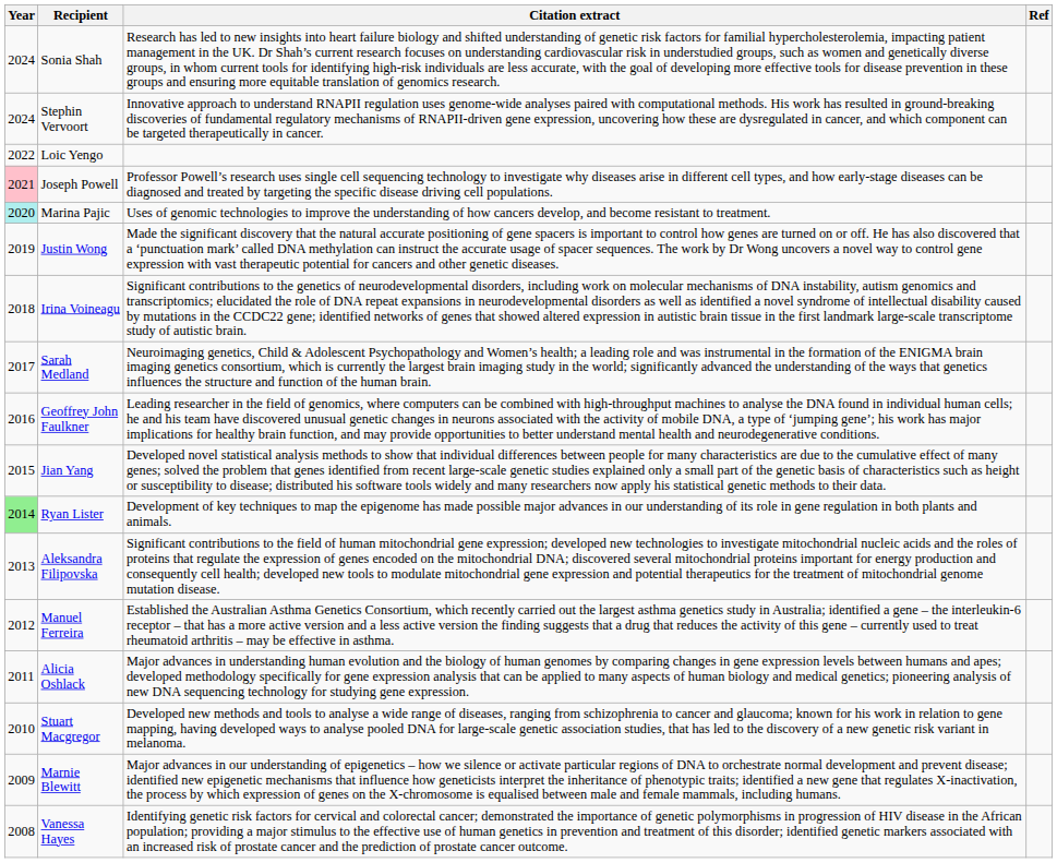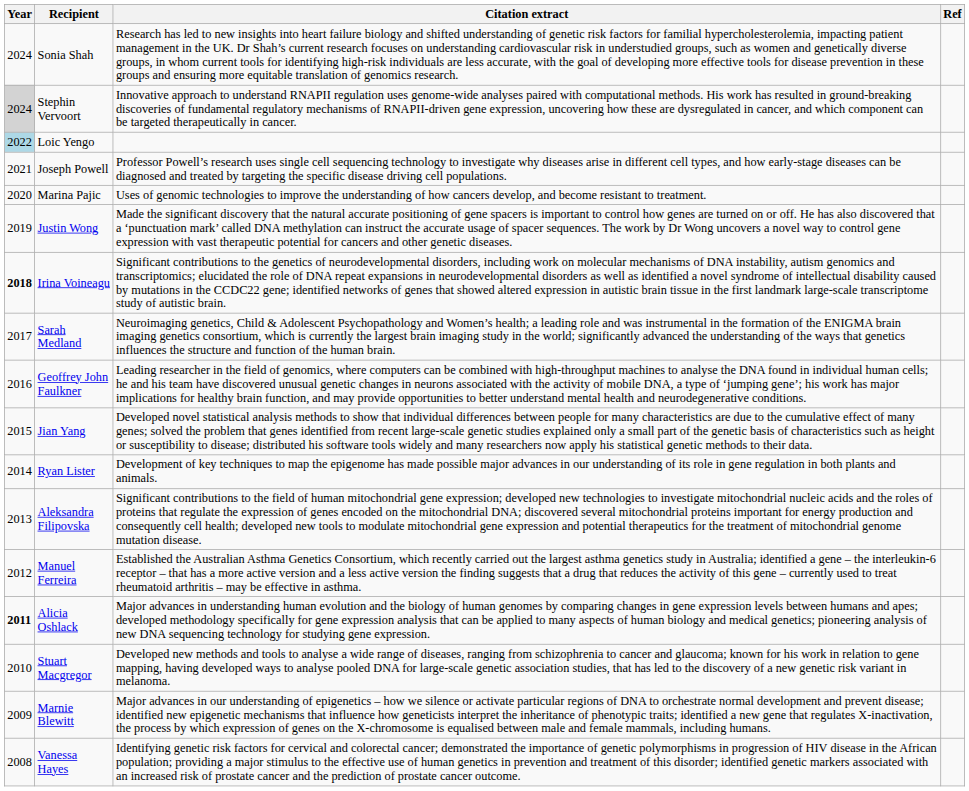 <table class="wikitable">
 <tr>
 <th>Year</th>
 <th>Recipient</th>
 <th>Citation extract</th>
 <th>Ref</th>
 </tr>
 <tr>
 <td>2024</td>
 <td>Sonia Shah</td>
 <td>Research has led to new insights into heart failure biology and shifted understanding of  genetic risk factors for familial hypercholesterolemia, impacting patient management in the UK. Dr Shah’s current research focuses on understanding cardiovascular risk in understudied groups, such as women and genetically diverse groups, in whom current tools for identifying high-risk individuals are less accurate, with the goal of developing more effective tools for disease prevention in these groups and ensuring more equitable translation of genomics research.</td>
 <td></td>
 </tr>
 <tr>
-<td>2024</td>
+<td style="background: lightgrey;">2024</td>
 <td>Stephin Vervoort</td>
 <td>Innovative approach to understand RNAPII regulation uses genome-wide analyses paired with computational methods. His work has resulted in ground-breaking discoveries of fundamental regulatory mechanisms of RNAPII-driven gene expression, uncovering how these are dysregulated in cancer, and which component can be targeted therapeutically in cancer.</td>
 <td></td>
 </tr>
 <tr>
-<td>2022</td>
+<td style="background: lightblue;">2022</td>
 <td>Loic Yengo</td>
 <td></td>
 <td></td>
 </tr>
 <tr>
-<td style="background: pink;">2021</td>
+<td>2021</td>
 <td>Joseph Powell</td>
 <td>Professor Powell’s research uses single cell sequencing technology to investigate why diseases arise in different cell types, and how early-stage diseases can be diagnosed and treated by targeting the specific disease driving cell populations.</td>
 <td></td>
 </tr>
 <tr>
-<td style="background: paleturquoise;">2020</td>
+<td>2020</td>
 <td>Marina Pajic</td>
 <td>Uses of genomic technologies to improve the understanding of how cancers develop, and become resistant to treatment.</td>
 <td></td>
 </tr>
 <tr>
 <td>2019</td>
 <td><a href='#'>Justin Wong</a></td>
 <td>Made the significant discovery that the natural accurate positioning of gene spacers is important to control how genes are turned on or off. He has also discovered that a ‘punctuation mark’ called DNA methylation can instruct the accurate usage of spacer sequences. The work by Dr Wong uncovers a novel way to control gene expression with vast therapeutic potential for cancers and other genetic diseases.</td>
 </tr>
 <tr>
-<td>2018</td>
+<td><strong>2018</strong></td>
 <td><a href='#'>Irina Voineagu</a></td>
 <td>Significant contributions to the genetics of neurodevelopmental disorders, including work on molecular mechanisms of DNA instability, autism genomics and transcriptomics; elucidated the role of DNA repeat expansions in neurodevelopmental disorders as well as identified a novel syndrome of intellectual disability caused by mutations in the CCDC22 gene; identified networks of genes that showed altered expression in autistic brain tissue in the first landmark large-scale transcriptome study of autistic brain.</td>
 <td></td>
 </tr>
 <tr>
 <td>2017</td>
 <td><a href='#'>Sarah Medland</a></td>
 <td>Neuroimaging genetics, Child & Adolescent Psychopathology and Women’s health; a leading role and was instrumental in the formation of the ENIGMA brain imaging genetics consortium, which is currently the largest brain imaging study in the world; significantly advanced the understanding of the ways that genetics influences the structure and function of the human brain.</td>
 <td></td>
 </tr>
 <tr>
 <td>2016</td>
 <td><a href='#'>Geoffrey John Faulkner</a></td>
 <td>Leading researcher in the field of genomics, where computers can be combined with high-throughput machines to analyse the DNA found in individual human cells; he and his team have discovered unusual genetic changes in neurons associated with the activity of mobile DNA, a type of ‘jumping gene’; his work has major implications for healthy brain function, and may provide opportunities to better understand mental health and neurodegenerative conditions.</td>
 <td></td>
 </tr>
 <tr>
 <td>2015</td>
 <td><a href='#'>Jian Yang</a></td>
 <td>Developed novel statistical analysis methods to show that individual differences between people for many characteristics are due to the cumulative effect of many genes; solved the problem that genes identified from recent large-scale genetic studies explained only a small part of the genetic basis of characteristics such as height or susceptibility to disease; distributed his software tools widely and many researchers now apply his statistical genetic methods to their data.</td>
 <td></td>
 </tr>
 <tr>
-<td style="background: lightgreen;">2014</td>
+<td>2014</td>
 <td><a href='#'>Ryan Lister</a></td>
 <td>Development of key techniques to map the epigenome has made possible major advances in our understanding of its role in gene regulation in both plants and animals.</td>
 <td></td>
 </tr>
 <tr>
 <td>2013</td>
 <td><a href='#'>Aleksandra Filipovska</a></td>
 <td>Significant contributions to the field of human mitochondrial gene expression; developed new technologies to investigate mitochondrial nucleic acids and the roles of proteins that regulate the expression of genes encoded on the mitochondrial DNA; discovered several mitochondrial proteins important for energy production and consequently cell health; developed new tools to modulate mitochondrial gene expression and potential therapeutics for the treatment of mitochondrial genome mutation disease.</td>
 <td></td>
 </tr>
 <tr>
 <td>2012</td>
 <td><a href='#'>Manuel Ferreira</a></td>
 <td>Established the Australian Asthma Genetics Consortium, which recently carried out the largest asthma genetics study in Australia;  identified a gene – the interleukin-6 receptor – that has a more active version and a less active version the finding suggests that a drug that reduces the activity of this gene – currently used to treat rheumatoid arthritis – may be effective in asthma.</td>
 <td></td>
 </tr>
 <tr>
-<td>2011</td>
+<td><strong>2011</strong></td>
 <td><a href='#'>Alicia Oshlack</a></td>
 <td>Major advances in understanding human evolution and the biology of human genomes by comparing changes in gene expression levels between humans and apes; developed methodology specifically for gene expression analysis that can be applied to many aspects of human biology and medical genetics; pioneering analysis of new DNA sequencing technology for studying gene expression.</td>
 <td></td>
 </tr>
 <tr>
 <td>2010</td>
 <td><a href='#'>Stuart Macgregor</a></td>
 <td>Developed new methods and tools to analyse a wide range of diseases, ranging from schizophrenia to cancer and glaucoma; known for his work in relation to gene mapping, having developed ways to analyse pooled DNA for large-scale genetic association studies, that has led to the discovery of a new genetic risk variant in melanoma.</td>
 <td></td>
 </tr>
 <tr>
 <td>2009</td>
 <td><a href='#'>Marnie Blewitt</a></td>
 <td>Major advances in our understanding of epigenetics – how we silence or activate particular regions of DNA to orchestrate normal development and prevent disease; identified new epigenetic mechanisms that influence how geneticists interpret the inheritance of phenotypic traits; identified a new gene that regulates X-inactivation, the process by which expression of genes on the X-chromosome is equalised between male and female mammals, including humans.</td>
 <td></td>
 </tr>
 <tr>
 <td>2008</td>
 <td><a href='#'>Vanessa Hayes</a></td>
 <td>Identifying genetic risk factors for cervical and colorectal cancer; demonstrated the importance of genetic polymorphisms in progression of HIV disease in the African population; providing a major stimulus to the effective use of human genetics in prevention and treatment of this disorder; identified genetic markers associated with an increased risk of prostate cancer and the prediction of prostate cancer outcome.</td>
 <td></td>
 </tr>
 </table>
